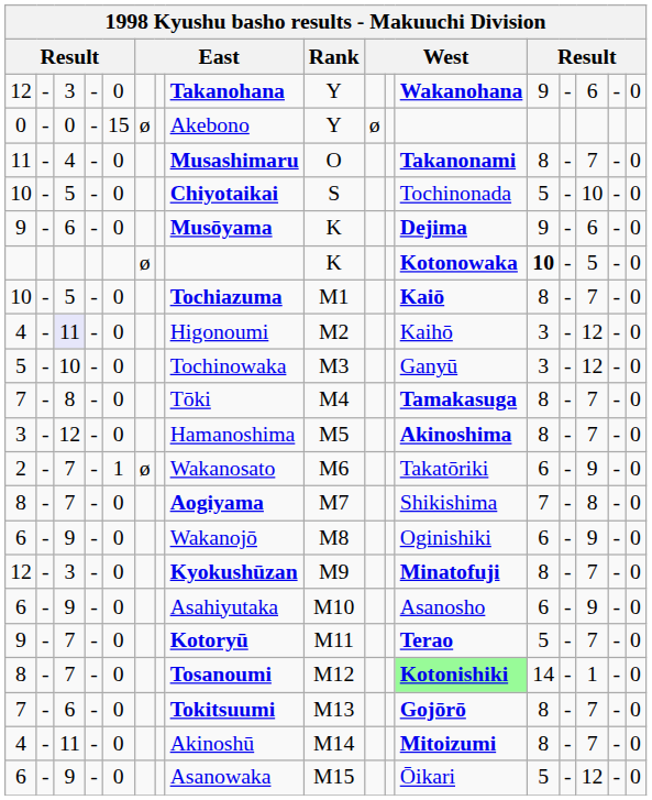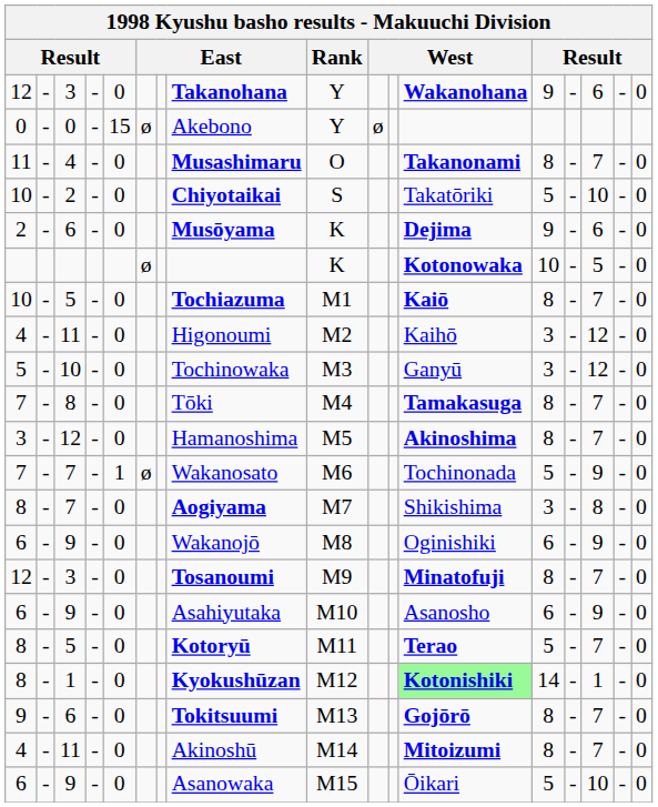 <table class="wikitable">
 <tr>
 <th colspan="17">1998 Kyushu basho results - Makuuchi Division</th>
 </tr>
 <tr>
 <th colspan="5">Result</th>
 <th colspan="3">East</th>
 <th>Rank</th>
 <th colspan="3">West</th>
 <th colspan="5">Result</th>
 </tr>
 <tr>
 <td align=center>12</td>
 <td align=center>-</td>
 <td align=center>3</td>
 <td align=center>-</td>
 <td align=center>0</td>
 <td align=center></td>
 <td align=center></td>
 <td><strong><a href='#'>Takanohana</a></strong></td>
 <td align=center>Y</td>
 <td align=center></td>
 <td align=center></td>
 <td><strong><a href='#'>Wakanohana</a></strong></td>
 <td align=center>9</td>
 <td align=center>-</td>
 <td align=center>6</td>
 <td align=center>-</td>
 <td align=center>0</td>
 </tr>
 <tr>
 <td align=center>0</td>
 <td align=center>-</td>
 <td align=center>0</td>
 <td align=center>-</td>
 <td align=center>15</td>
 <td align=center>ø</td>
 <td align=center></td>
 <td><a href='#'>Akebono</a></td>
 <td align=center>Y</td>
 <td align=center>ø</td>
 <td align=center></td>
 <td></td>
 <td align=center></td>
 <td align=center></td>
 <td align=center></td>
 <td align=center></td>
 <td align=center></td>
 </tr>
 <tr>
 <td align=center>11</td>
 <td align=center>-</td>
 <td align=center>4</td>
 <td align=center>-</td>
 <td align=center>0</td>
 <td align=center></td>
 <td align=center></td>
 <td><strong><a href='#'>Musashimaru</a></strong></td>
 <td align=center>O</td>
 <td align=center></td>
 <td align=center></td>
 <td><strong><a href='#'>Takanonami</a></strong></td>
 <td align=center>8</td>
 <td align=center>-</td>
 <td align=center>7</td>
 <td align=center>-</td>
 <td align=center>0</td>
 </tr>
 <tr>
 <td align=center>10</td>
 <td align=center>-</td>
-<td align=center>5</td>
+<td align=center>2</td>
 <td align=center>-</td>
 <td align=center>0</td>
 <td align=center></td>
 <td align=center></td>
 <td><strong><a href='#'>Chiyotaikai</a></strong></td>
 <td align=center>S</td>
 <td align=center></td>
 <td align=center></td>
-<td><a href='#'>Tochinonada</a></td>
+<td><a href='#'>Takatōriki</a></td>
 <td align=center>5</td>
 <td align=center>-</td>
 <td align=center>10</td>
 <td align=center>-</td>
 <td align=center>0</td>
 </tr>
 <tr>
-<td align=center>9</td>
+<td align=center>2</td>
 <td align=center>-</td>
 <td align=center>6</td>
 <td align=center>-</td>
 <td align=center>0</td>
 <td align=center></td>
 <td align=center></td>
 <td><strong><a href='#'>Musōyama</a></strong></td>
 <td align=center>K</td>
 <td align=center></td>
 <td align=center></td>
 <td><strong><a href='#'>Dejima</a></strong></td>
 <td align=center>9</td>
 <td align=center>-</td>
 <td align=center>6</td>
 <td align=center>-</td>
 <td align=center>0</td>
 </tr>
 <tr>
 <td align=center></td>
 <td align=center></td>
 <td align=center></td>
 <td align=center></td>
 <td align=center></td>
 <td align=center>ø</td>
 <td align=center></td>
 <td></td>
 <td align=center>K</td>
 <td align=center></td>
 <td align=center></td>
 <td><strong><a href='#'>Kotonowaka</a></strong></td>
-<td align=center><strong>10</strong></td>
+<td align=center>10</td>
 <td align=center>-</td>
 <td align=center>5</td>
 <td align=center>-</td>
 <td align=center>0</td>
 </tr>
 <tr>
 <td align=center>10</td>
 <td align=center>-</td>
 <td align=center>5</td>
 <td align=center>-</td>
 <td align=center>0</td>
 <td align=center></td>
 <td align=center></td>
 <td><strong><a href='#'>Tochiazuma</a></strong></td>
 <td align=center>M1</td>
 <td align=center></td>
 <td align=center></td>
 <td><strong><a href='#'>Kaiō</a></strong></td>
 <td align=center>8</td>
 <td align=center>-</td>
 <td align=center>7</td>
 <td align=center>-</td>
 <td align=center>0</td>
 </tr>
 <tr>
 <td align=center>4</td>
 <td align=center>-</td>
-<td align=center style="background: lavender;">11</td>
+<td align=center>11</td>
 <td align=center>-</td>
 <td align=center>0</td>
 <td align=center></td>
 <td align=center></td>
 <td><a href='#'>Higonoumi</a></td>
 <td align=center>M2</td>
 <td align=center></td>
 <td align=center></td>
 <td><a href='#'>Kaihō</a></td>
 <td align=center>3</td>
 <td align=center>-</td>
 <td align=center>12</td>
 <td align=center>-</td>
 <td align=center>0</td>
 </tr>
 <tr>
 <td align=center>5</td>
 <td align=center>-</td>
 <td align=center>10</td>
 <td align=center>-</td>
 <td align=center>0</td>
 <td align=center></td>
 <td align=center></td>
 <td><a href='#'>Tochinowaka</a></td>
 <td align=center>M3</td>
 <td align=center></td>
 <td align=center></td>
 <td><a href='#'>Ganyū</a></td>
 <td align=center>3</td>
 <td align=center>-</td>
 <td align=center>12</td>
 <td align=center>-</td>
 <td align=center>0</td>
 </tr>
 <tr>
 <td align=center>7</td>
 <td align=center>-</td>
 <td align=center>8</td>
 <td align=center>-</td>
 <td align=center>0</td>
 <td align=center></td>
 <td align=center></td>
 <td><a href='#'>Tōki</a></td>
 <td align=center>M4</td>
 <td align=center></td>
 <td align=center></td>
 <td><strong><a href='#'>Tamakasuga</a></strong></td>
 <td align=center>8</td>
 <td align=center>-</td>
 <td align=center>7</td>
 <td align=center>-</td>
 <td align=center>0</td>
 </tr>
 <tr>
 <td align=center>3</td>
 <td align=center>-</td>
 <td align=center>12</td>
 <td align=center>-</td>
 <td align=center>0</td>
 <td align=center></td>
 <td align=center></td>
 <td><a href='#'>Hamanoshima</a></td>
 <td align=center>M5</td>
 <td align=center></td>
 <td align=center></td>
 <td><strong><a href='#'>Akinoshima</a></strong></td>
 <td align=center>8</td>
 <td align=center>-</td>
 <td align=center>7</td>
 <td align=center>-</td>
 <td align=center>0</td>
 </tr>
 <tr>
-<td align=center>2</td>
+<td align=center>7</td>
 <td align=center>-</td>
 <td align=center>7</td>
 <td align=center>-</td>
 <td align=center>1</td>
 <td align=center>ø</td>
 <td align=center></td>
 <td><a href='#'>Wakanosato</a></td>
 <td align=center>M6</td>
 <td align=center></td>
 <td align=center></td>
-<td><a href='#'>Takatōriki</a></td>
-<td align=center>6</td>
+<td><a href='#'>Tochinonada</a></td>
+<td align=center>5</td>
 <td align=center>-</td>
 <td align=center>9</td>
 <td align=center>-</td>
 <td align=center>0</td>
 </tr>
 <tr>
 <td align=center>8</td>
 <td align=center>-</td>
 <td align=center>7</td>
 <td align=center>-</td>
 <td align=center>0</td>
 <td align=center></td>
 <td align=center></td>
 <td><strong><a href='#'>Aogiyama</a></strong></td>
 <td align=center>M7</td>
 <td align=center></td>
 <td align=center></td>
 <td><a href='#'>Shikishima</a></td>
-<td align=center>7</td>
+<td align=center>3</td>
 <td align=center>-</td>
 <td align=center>8</td>
 <td align=center>-</td>
 <td align=center>0</td>
 </tr>
 <tr>
 <td align=center>6</td>
 <td align=center>-</td>
 <td align=center>9</td>
 <td align=center>-</td>
 <td align=center>0</td>
 <td align=center></td>
 <td align=center></td>
 <td><a href='#'>Wakanojō</a></td>
 <td align=center>M8</td>
 <td align=center></td>
 <td align=center></td>
 <td><a href='#'>Oginishiki</a></td>
 <td align=center>6</td>
 <td align=center>-</td>
 <td align=center>9</td>
 <td align=center>-</td>
 <td align=center>0</td>
 </tr>
 <tr>
 <td align=center>12</td>
 <td align=center>-</td>
 <td align=center>3</td>
 <td align=center>-</td>
 <td align=center>0</td>
 <td align=center></td>
 <td align=center></td>
-<td><strong><a href='#'>Kyokushūzan</a></strong></td>
+<td><strong><a href='#'>Tosanoumi</a></strong></td>
 <td align=center>M9</td>
 <td align=center></td>
 <td align=center></td>
 <td><strong><a href='#'>Minatofuji</a></strong></td>
 <td align=center>8</td>
 <td align=center>-</td>
 <td align=center>7</td>
 <td align=center>-</td>
 <td align=center>0</td>
 </tr>
 <tr>
 <td align=center>6</td>
 <td align=center>-</td>
 <td align=center>9</td>
 <td align=center>-</td>
 <td align=center>0</td>
 <td align=center></td>
 <td align=center></td>
 <td><a href='#'>Asahiyutaka</a></td>
 <td align=center>M10</td>
 <td align=center></td>
 <td align=center></td>
 <td><a href='#'>Asanosho</a></td>
 <td align=center>6</td>
 <td align=center>-</td>
 <td align=center>9</td>
 <td align=center>-</td>
 <td align=center>0</td>
 </tr>
 <tr>
-<td align=center>9</td>
+<td align=center>8</td>
 <td align=center>-</td>
-<td align=center>7</td>
+<td align=center>5</td>
 <td align=center>-</td>
 <td align=center>0</td>
 <td align=center></td>
 <td align=center></td>
 <td><strong><a href='#'>Kotoryū</a></strong></td>
 <td align=center>M11</td>
 <td align=center></td>
 <td align=center></td>
 <td><strong><a href='#'>Terao</a></strong></td>
 <td align=center>5</td>
 <td align=center>-</td>
 <td align=center>7</td>
 <td align=center>-</td>
 <td align=center>0</td>
 </tr>
 <tr>
 <td align=center>8</td>
 <td align=center>-</td>
-<td align=center>7</td>
+<td align=center>1</td>
 <td align=center>-</td>
 <td align=center>0</td>
 <td align=center></td>
 <td align=center></td>
-<td><strong><a href='#'>Tosanoumi</a></strong></td>
+<td><strong><a href='#'>Kyokushūzan</a></strong></td>
 <td align=center>M12</td>
 <td align=center></td>
 <td align=center></td>
 <td style="background: PaleGreen;"><strong><a href='#'>Kotonishiki</a></strong></td>
 <td align=center>14</td>
 <td align=center>-</td>
 <td align=center>1</td>
 <td align=center>-</td>
 <td align=center>0</td>
 </tr>
 <tr>
-<td align=center>7</td>
+<td align=center>9</td>
 <td align=center>-</td>
 <td align=center>6</td>
 <td align=center>-</td>
 <td align=center>0</td>
 <td align=center></td>
 <td align=center></td>
 <td><strong><a href='#'>Tokitsuumi</a></strong></td>
 <td align=center>M13</td>
 <td align=center></td>
 <td align=center></td>
 <td><strong><a href='#'>Gojōrō</a></strong></td>
 <td align=center>8</td>
 <td align=center>-</td>
 <td align=center>7</td>
 <td align=center>-</td>
 <td align=center>0</td>
 </tr>
 <tr>
 <td align=center>4</td>
 <td align=center>-</td>
 <td align=center>11</td>
 <td align=center>-</td>
 <td align=center>0</td>
 <td align=center></td>
 <td align=center></td>
 <td><a href='#'>Akinoshū</a></td>
 <td align=center>M14</td>
 <td align=center></td>
 <td align=center></td>
 <td><strong><a href='#'>Mitoizumi</a></strong></td>
 <td align=center>8</td>
 <td align=center>-</td>
 <td align=center>7</td>
 <td align=center>-</td>
 <td align=center>0</td>
 </tr>
 <tr>
 <td align=center>6</td>
 <td align=center>-</td>
 <td align=center>9</td>
 <td align=center>-</td>
 <td align=center>0</td>
 <td align=center></td>
 <td align=center></td>
 <td><a href='#'>Asanowaka</a></td>
 <td align=center>M15</td>
 <td align=center></td>
 <td align=center></td>
 <td><a href='#'>Ōikari</a></td>
 <td align=center>5</td>
 <td align=center>-</td>
-<td align=center>12</td>
+<td align=center>10</td>
 <td align=center>-</td>
 <td align=center>0</td>
 </tr>
 </table>
